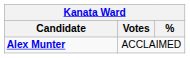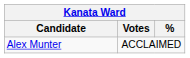 <table class="wikitable">
 <tr>
 <th colspan="3"><a href='#'>Kanata Ward</a></th>
 </tr>
 <tr>
 <th style="width: 170px">Candidate</th>
 <th style="width: 50px">Votes</th>
 <th style="width: 40px">%</th>
 </tr>
 <tr>
-<td><strong><a href='#'>Alex Munter</a></strong></td>
+<td><a href='#'>Alex Munter</a></td>
 <td colspan="2" align="center">ACCLAIMED</td>
 </tr>
 </table>
